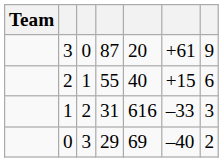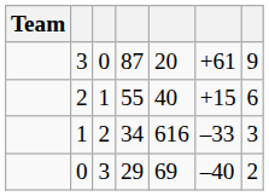 <table class="wikitable">
 <tr>
 <th>Team</th>
 <th></th>
 <th></th>
 <th></th>
 <th></th>
 <th></th>
 <th></th>
 </tr>
 <tr>
 <td></td>
 <td>3</td>
 <td>0</td>
 <td>87</td>
 <td>20</td>
 <td>+61</td>
 <td>9</td>
 </tr>
 <tr>
 <td></td>
 <td>2</td>
 <td>1</td>
 <td>55</td>
 <td>40</td>
 <td>+15</td>
 <td>6</td>
 </tr>
 <tr>
 <td></td>
 <td>1</td>
 <td>2</td>
-<td>31</td>
+<td>34</td>
 <td>616</td>
 <td>–33</td>
 <td>3</td>
 </tr>
 <tr>
 <td></td>
 <td>0</td>
 <td>3</td>
 <td>29</td>
 <td>69</td>
 <td>–40</td>
 <td>2</td>
 </tr>
 </table>
